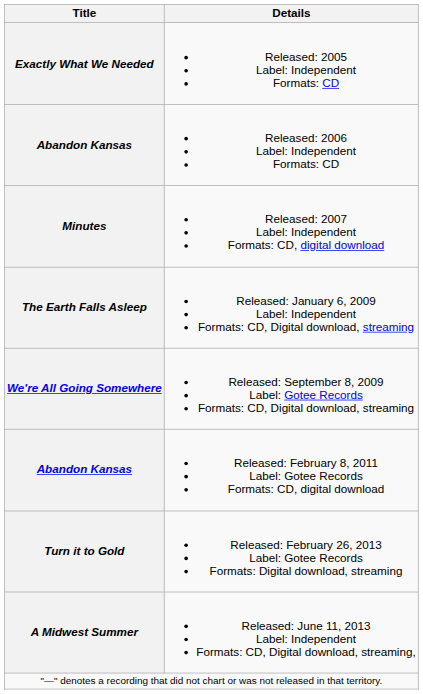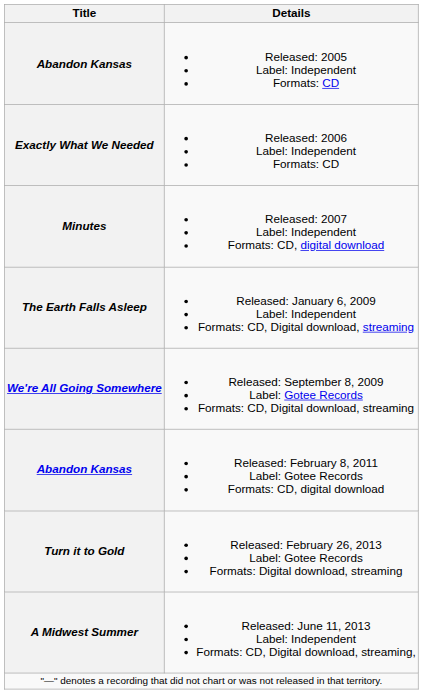 <table class="wikitable plainrowheaders" style="text-align:center;">
 <tr>
 <th scope="col">Title</th>
 <th scope="col">Details</th>
 </tr>
 <tr>
-<th scope="row"><em>Exactly What We Needed</em></th>
+<th scope="row"><em>Abandon Kansas</em></th>
 <td><br><ul><li>Released: 2005</li><li>Label:  Independent</li><li>Formats: <a href='#'>CD</a></li></ul></td>
 </tr>
 <tr>
-<th scope="row"><em>Abandon Kansas</em></th>
+<th scope="row"><em>Exactly What We Needed</em></th>
 <td><br><ul><li>Released: 2006</li><li>Label: Independent</li><li>Formats: CD</li></ul></td>
 </tr>
 <tr>
 <th scope="row"><em>Minutes</em></th>
 <td><br><ul><li>Released: 2007</li><li>Label: Independent</li><li>Formats: CD, <a href='#'>digital download</a></li></ul></td>
 </tr>
 <tr>
 <th scope="row"><em>The Earth Falls Asleep</em></th>
 <td><br><ul><li>Released: January 6, 2009</li><li>Label: Independent</li><li>Formats: CD, Digital download, <a href='#'>streaming</a></li></ul></td>
 </tr>
 <tr>
 <th scope="row"><em><a href='#'>We're All Going Somewhere</a></em></th>
 <td><br><ul><li>Released: September 8, 2009</li><li>Label: <a href='#'>Gotee Records</a></li><li>Formats: CD, Digital download, streaming</li></ul></td>
 </tr>
 <tr>
 <th scope="row"><a href='#'><em>Abandon Kansas</em></a></th>
 <td><br><ul><li>Released: February 8, 2011</li><li>Label: Gotee Records</li><li>Formats: CD, digital download</li></ul></td>
 </tr>
 <tr>
 <th scope="row"><em>Turn it to Gold</em></th>
 <td><br><ul><li>Released: February 26, 2013</li><li>Label: Gotee Records</li><li>Formats: Digital download, streaming</li></ul></td>
 </tr>
 <tr>
 <th scope="row"><em>A Midwest Summer</em></th>
 <td><br><ul><li>Released: June 11, 2013</li><li>Label: Independent</li><li>Formats: CD, Digital download, streaming,</li></ul></td>
 </tr>
 <tr>
 <td colspan="11" style="font-size:85%">"—" denotes a recording that did not chart or was not released in that territory.</td>
 </tr>
 </table>
